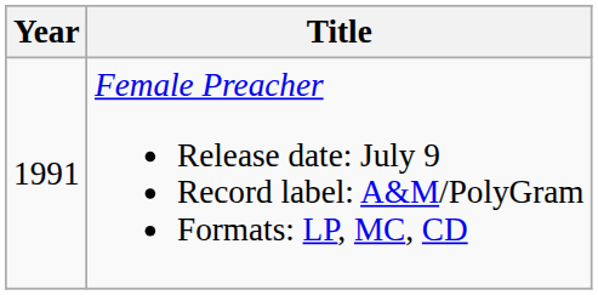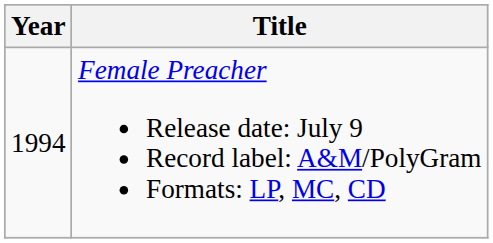 <table class="wikitable" style="text-align:center;">
 <tr>
 <th>Year</th>
 <th>Title</th>
 </tr>
 <tr>
-<td>1991</td>
+<td>1994</td>
 <td align="left"><em><a href='#'>Female Preacher</a></em><br><ul><li>Release date: July 9</li><li>Record label: <a href='#'>A&M</a>/PolyGram</li><li>Formats: <a href='#'>LP</a>, <a href='#'>MC</a>, <a href='#'>CD</a></li></ul></td>
 </tr>
 </table>
